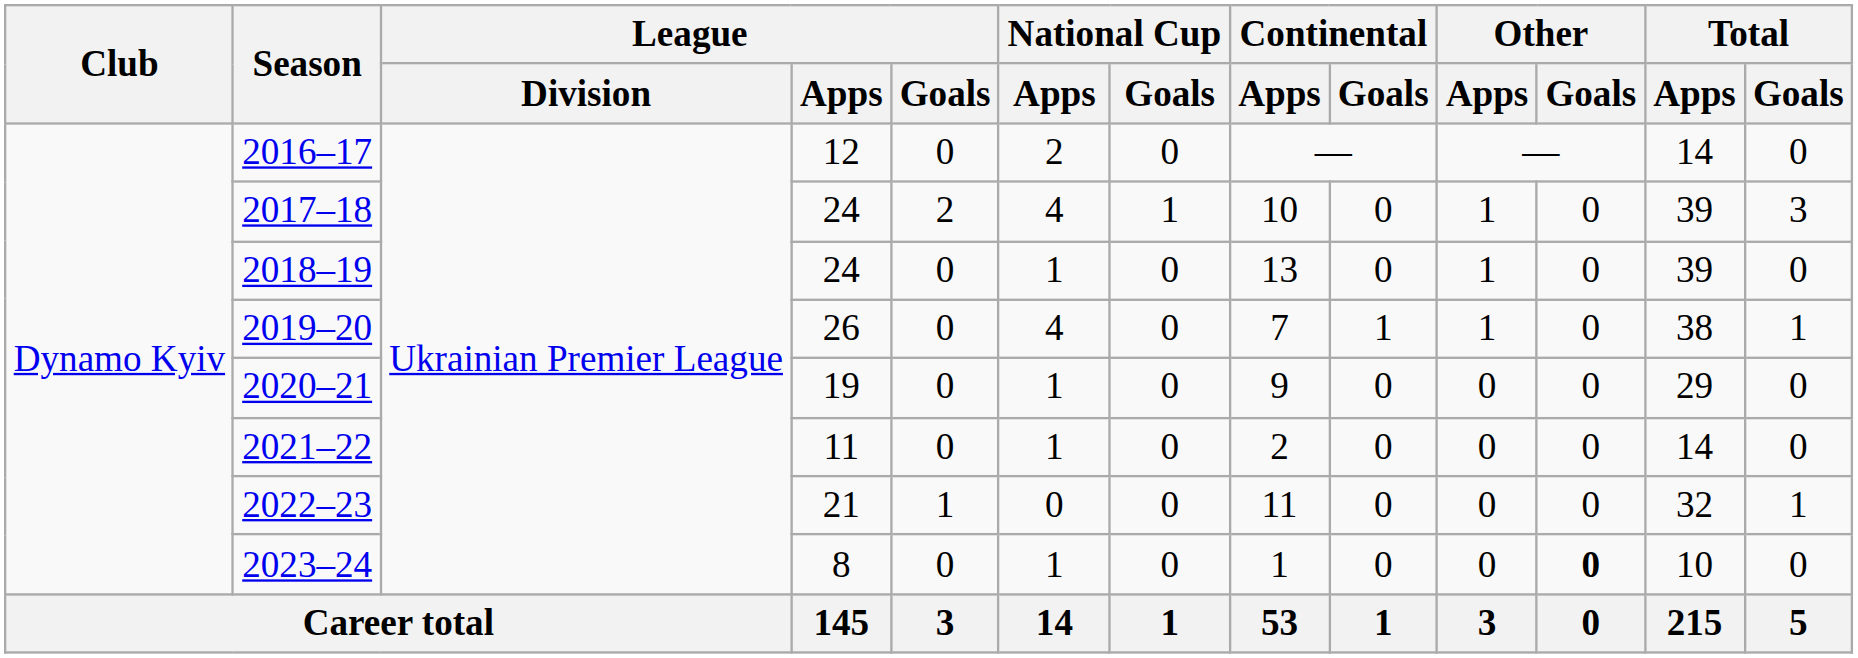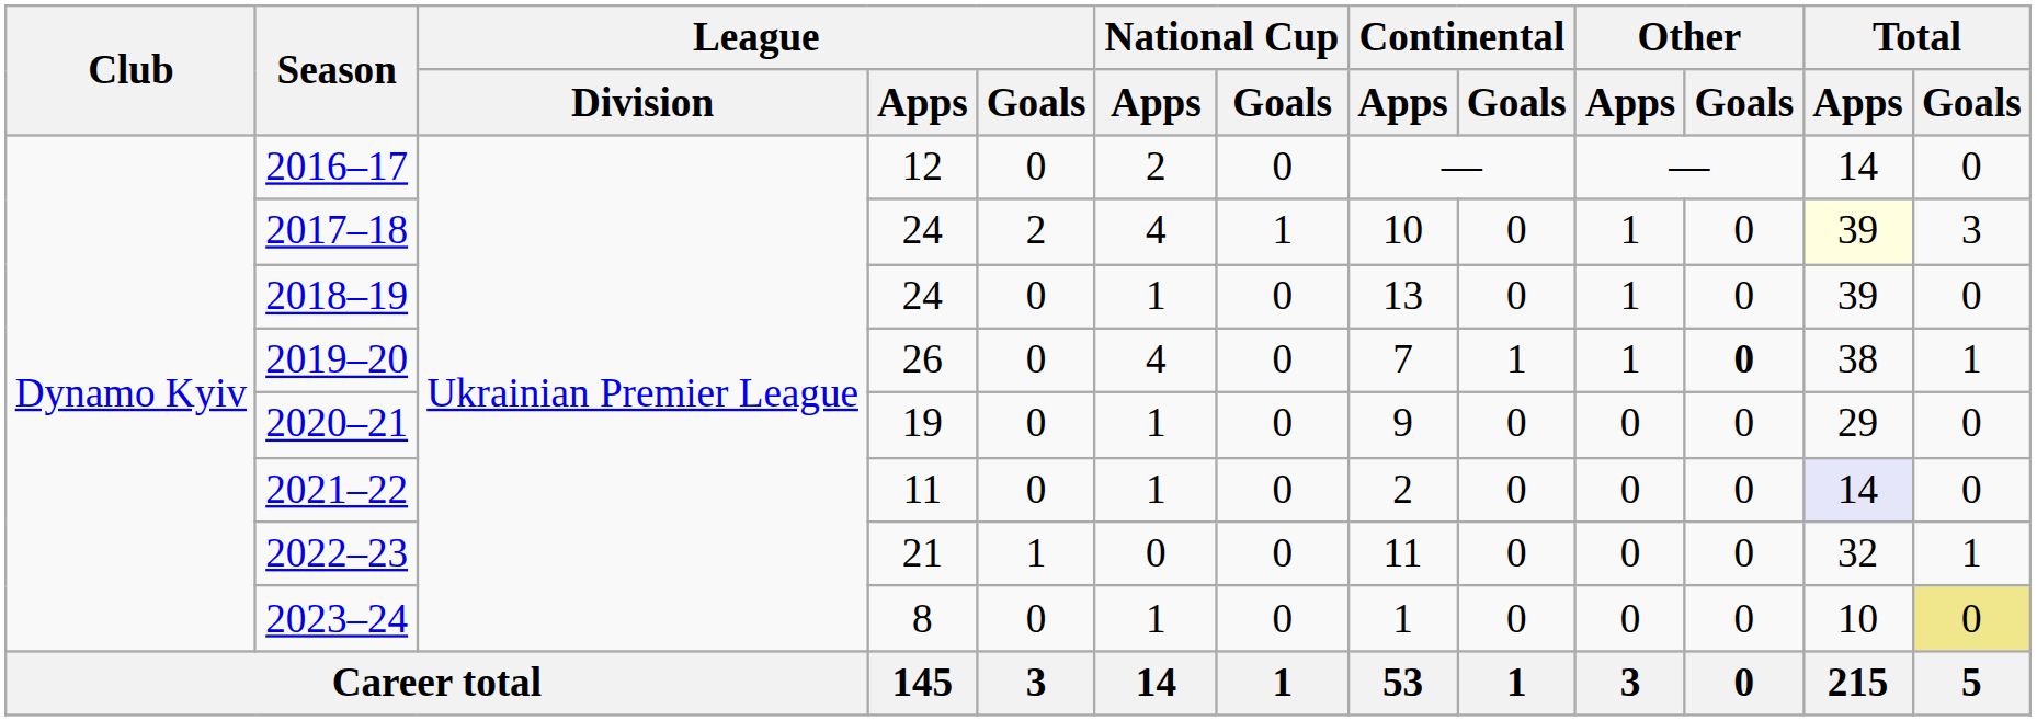 <table class="wikitable" style="text-align:center;">
 <tr>
 <th rowspan="2">Club</th>
 <th rowspan="2">Season</th>
 <th colspan="3">League</th>
 <th colspan="2">National Cup</th>
 <th colspan="2">Continental</th>
 <th colspan="2">Other</th>
 <th colspan="2">Total</th>
 </tr>
 <tr>
 <th>Division</th>
 <th>Apps</th>
 <th>Goals</th>
 <th>Apps</th>
 <th>Goals</th>
 <th>Apps</th>
 <th>Goals</th>
 <th>Apps</th>
 <th>Goals</th>
 <th>Apps</th>
 <th>Goals</th>
 </tr>
 <tr>
 <td rowspan="8"><a href='#'>Dynamo Kyiv</a></td>
 <td><a href='#'>2016–17</a></td>
 <td rowspan="8"><a href='#'>Ukrainian Premier League</a></td>
 <td>12</td>
 <td>0</td>
 <td>2</td>
 <td>0</td>
 <td colspan="2">—</td>
 <td colspan="2">—</td>
 <td>14</td>
 <td>0</td>
 </tr>
 <tr>
 <td><a href='#'>2017–18</a></td>
 <td>24</td>
 <td>2</td>
 <td>4</td>
 <td>1</td>
 <td>10</td>
 <td>0</td>
 <td>1</td>
 <td>0</td>
-<td>39</td>
+<td style="background: lightyellow;">39</td>
 <td>3</td>
 </tr>
 <tr>
 <td><a href='#'>2018–19</a></td>
 <td>24</td>
 <td>0</td>
 <td>1</td>
 <td>0</td>
 <td>13</td>
 <td>0</td>
 <td>1</td>
 <td>0</td>
 <td>39</td>
 <td>0</td>
 </tr>
 <tr>
 <td><a href='#'>2019–20</a></td>
 <td>26</td>
 <td>0</td>
 <td>4</td>
 <td>0</td>
 <td>7</td>
 <td>1</td>
 <td>1</td>
-<td>0</td>
+<td><strong>0</strong></td>
 <td>38</td>
 <td>1</td>
 </tr>
 <tr>
 <td><a href='#'>2020–21</a></td>
 <td>19</td>
 <td>0</td>
 <td>1</td>
 <td>0</td>
 <td>9</td>
 <td>0</td>
 <td>0</td>
 <td>0</td>
 <td>29</td>
 <td>0</td>
 </tr>
 <tr>
 <td><a href='#'>2021–22</a></td>
 <td>11</td>
 <td>0</td>
 <td>1</td>
 <td>0</td>
 <td>2</td>
 <td>0</td>
 <td>0</td>
 <td>0</td>
-<td>14</td>
+<td style="background: lavender;">14</td>
 <td>0</td>
 </tr>
 <tr>
 <td><a href='#'>2022–23</a></td>
 <td>21</td>
 <td>1</td>
 <td>0</td>
 <td>0</td>
 <td>11</td>
 <td>0</td>
 <td>0</td>
 <td>0</td>
 <td>32</td>
 <td>1</td>
 </tr>
 <tr>
 <td><a href='#'>2023–24</a></td>
 <td>8</td>
 <td>0</td>
 <td>1</td>
 <td>0</td>
 <td>1</td>
 <td>0</td>
 <td>0</td>
-<td><strong>0</strong></td>
+<td>0</td>
 <td>10</td>
-<td>0</td>
+<td style="background: khaki;">0</td>
 </tr>
 <tr>
 <th colspan="3">Career total</th>
 <th>145</th>
 <th>3</th>
 <th>14</th>
 <th>1</th>
 <th>53</th>
 <th>1</th>
 <th>3</th>
 <th>0</th>
 <th>215</th>
 <th>5</th>
 </tr>
 </table>
